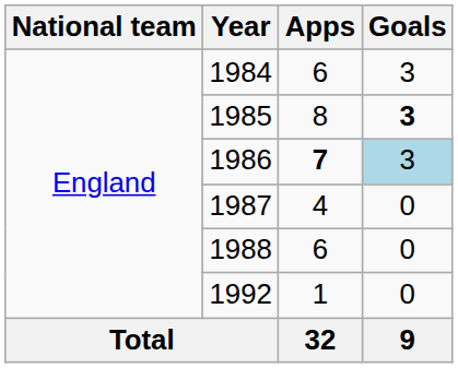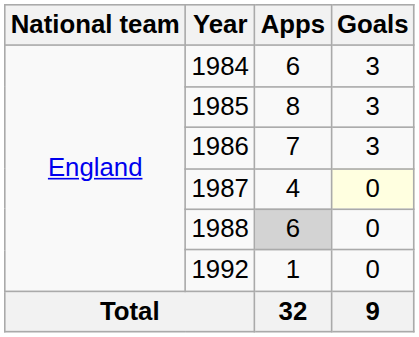 <table class="wikitable" style="text-align:center">
 <tr>
 <th>National team</th>
 <th>Year</th>
 <th>Apps</th>
 <th>Goals</th>
 </tr>
 <tr>
 <td rowspan="6"><a href='#'>England</a></td>
 <td>1984</td>
 <td>6</td>
 <td>3</td>
 </tr>
 <tr>
 <td>1985</td>
 <td>8</td>
-<td><strong>3</strong></td>
+<td>3</td>
 </tr>
 <tr>
 <td>1986</td>
-<td><strong>7</strong></td>
-<td style="background: lightblue;">3</td>
+<td>7</td>
+<td>3</td>
 </tr>
 <tr>
 <td>1987</td>
 <td>4</td>
-<td>0</td>
+<td style="background: lightyellow;">0</td>
 </tr>
 <tr>
 <td>1988</td>
-<td>6</td>
+<td style="background: lightgrey;">6</td>
 <td>0</td>
 </tr>
 <tr>
 <td>1992</td>
 <td>1</td>
 <td>0</td>
 </tr>
 <tr>
 <th colspan="2">Total</th>
 <th>32</th>
 <th>9</th>
 </tr>
 </table>
